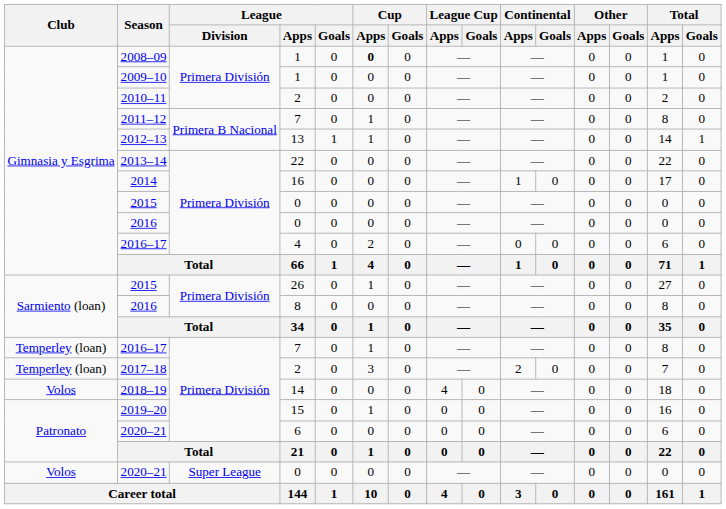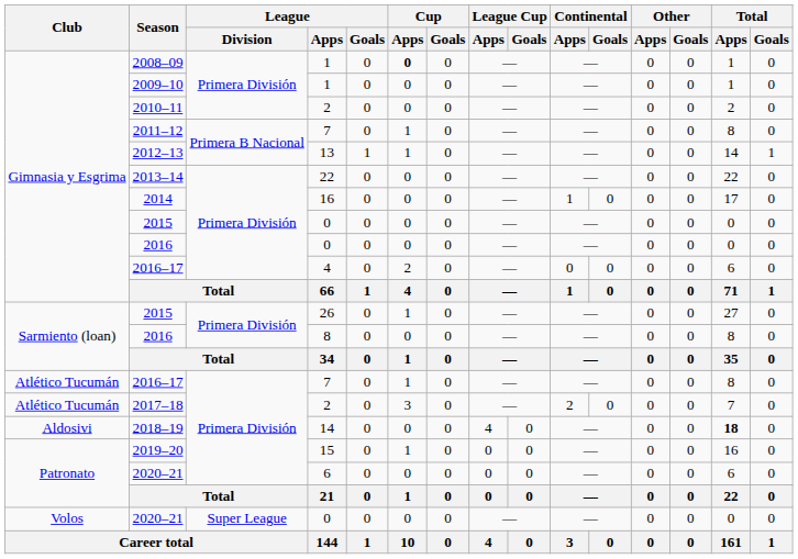 <table class="wikitable" style="text-align:center">
 <tr>
 <th rowspan="2">Club</th>
 <th rowspan="2">Season</th>
 <th colspan="3">League</th>
 <th colspan="2">Cup</th>
 <th colspan="2">League Cup</th>
 <th colspan="2">Continental</th>
 <th colspan="2">Other</th>
 <th colspan="2">Total</th>
 </tr>
 <tr>
 <th>Division</th>
 <th>Apps</th>
 <th>Goals</th>
 <th>Apps</th>
 <th>Goals</th>
 <th>Apps</th>
 <th>Goals</th>
 <th>Apps</th>
 <th>Goals</th>
 <th>Apps</th>
 <th>Goals</th>
 <th>Apps</th>
 <th>Goals</th>
 </tr>
 <tr>
 <td rowspan="11"><a href='#'>Gimnasia y Esgrima</a></td>
 <td><a href='#'>2008–09</a></td>
 <td rowspan="3"><a href='#'>Primera División</a></td>
 <td>1</td>
 <td>0</td>
 <td><strong>0</strong></td>
 <td>0</td>
 <td colspan="2">—</td>
 <td colspan="2">—</td>
 <td>0</td>
 <td>0</td>
 <td>1</td>
 <td>0</td>
 </tr>
 <tr>
 <td><a href='#'>2009–10</a></td>
 <td>1</td>
 <td>0</td>
 <td>0</td>
 <td>0</td>
 <td colspan="2">—</td>
 <td colspan="2">—</td>
 <td>0</td>
 <td>0</td>
 <td>1</td>
 <td>0</td>
 </tr>
 <tr>
 <td><a href='#'>2010–11</a></td>
 <td>2</td>
 <td>0</td>
 <td>0</td>
 <td>0</td>
 <td colspan="2">—</td>
 <td colspan="2">—</td>
 <td>0</td>
 <td>0</td>
 <td>2</td>
 <td>0</td>
 </tr>
 <tr>
 <td><a href='#'>2011–12</a></td>
 <td rowspan="2"><a href='#'>Primera B Nacional</a></td>
 <td>7</td>
 <td>0</td>
 <td>1</td>
 <td>0</td>
 <td colspan="2">—</td>
 <td colspan="2">—</td>
 <td>0</td>
 <td>0</td>
 <td>8</td>
 <td>0</td>
 </tr>
 <tr>
 <td><a href='#'>2012–13</a></td>
 <td>13</td>
 <td>1</td>
 <td>1</td>
 <td>0</td>
 <td colspan="2">—</td>
 <td colspan="2">—</td>
 <td>0</td>
 <td>0</td>
 <td>14</td>
 <td>1</td>
 </tr>
 <tr>
 <td><a href='#'>2013–14</a></td>
 <td rowspan="5"><a href='#'>Primera División</a></td>
 <td>22</td>
 <td>0</td>
 <td>0</td>
 <td>0</td>
 <td colspan="2">—</td>
 <td colspan="2">—</td>
 <td>0</td>
 <td>0</td>
 <td>22</td>
 <td>0</td>
 </tr>
 <tr>
 <td><a href='#'>2014</a></td>
 <td>16</td>
 <td>0</td>
 <td>0</td>
 <td>0</td>
 <td colspan="2">—</td>
 <td>1</td>
 <td>0</td>
 <td>0</td>
 <td>0</td>
 <td>17</td>
 <td>0</td>
 </tr>
 <tr>
 <td><a href='#'>2015</a></td>
 <td>0</td>
 <td>0</td>
 <td>0</td>
 <td>0</td>
 <td colspan="2">—</td>
 <td colspan="2">—</td>
 <td>0</td>
 <td>0</td>
 <td>0</td>
 <td>0</td>
 </tr>
 <tr>
 <td><a href='#'>2016</a></td>
 <td>0</td>
 <td>0</td>
 <td>0</td>
 <td>0</td>
 <td colspan="2">—</td>
 <td colspan="2">—</td>
 <td>0</td>
 <td>0</td>
 <td>0</td>
 <td>0</td>
 </tr>
 <tr>
 <td><a href='#'>2016–17</a></td>
 <td>4</td>
 <td>0</td>
 <td>2</td>
 <td>0</td>
 <td colspan="2">—</td>
 <td>0</td>
 <td>0</td>
 <td>0</td>
 <td>0</td>
 <td>6</td>
 <td>0</td>
 </tr>
 <tr>
 <th colspan="2">Total</th>
 <th>66</th>
 <th>1</th>
 <th>4</th>
 <th>0</th>
 <th colspan="2">—</th>
 <th>1</th>
 <th>0</th>
 <th>0</th>
 <th>0</th>
 <th>71</th>
 <th>1</th>
 </tr>
 <tr>
 <td rowspan="3"><a href='#'>Sarmiento</a> (loan)</td>
 <td><a href='#'>2015</a></td>
 <td rowspan="2"><a href='#'>Primera División</a></td>
 <td>26</td>
 <td>0</td>
 <td>1</td>
 <td>0</td>
 <td colspan="2">—</td>
 <td colspan="2">—</td>
 <td>0</td>
 <td>0</td>
 <td>27</td>
 <td>0</td>
 </tr>
 <tr>
 <td><a href='#'>2016</a></td>
 <td>8</td>
 <td>0</td>
 <td>0</td>
 <td>0</td>
 <td colspan="2">—</td>
 <td colspan="2">—</td>
 <td>0</td>
 <td>0</td>
 <td>8</td>
 <td>0</td>
 </tr>
 <tr>
 <th colspan="2">Total</th>
 <th>34</th>
 <th>0</th>
 <th>1</th>
 <th>0</th>
 <th colspan="2">—</th>
 <th colspan="2">—</th>
 <th>0</th>
 <th>0</th>
 <th>35</th>
 <th>0</th>
 </tr>
 <tr>
-<td rowspan="1"><a href='#'>Temperley</a> (loan)</td>
+<td rowspan="1"><a href='#'>Atlético Tucumán</a></td>
 <td><a href='#'>2016–17</a></td>
 <td rowspan="5"><a href='#'>Primera División</a></td>
 <td>7</td>
 <td>0</td>
 <td>1</td>
 <td>0</td>
 <td colspan="2">—</td>
 <td colspan="2">—</td>
 <td>0</td>
 <td>0</td>
 <td>8</td>
 <td>0</td>
 </tr>
 <tr>
-<td rowspan="1"><a href='#'>Temperley</a> (loan)</td>
+<td rowspan="1"><a href='#'>Atlético Tucumán</a></td>
 <td><a href='#'>2017–18</a></td>
 <td>2</td>
 <td>0</td>
 <td>3</td>
 <td>0</td>
 <td colspan="2">—</td>
 <td>2</td>
 <td>0</td>
 <td>0</td>
 <td>0</td>
 <td>7</td>
 <td>0</td>
 </tr>
 <tr>
-<td rowspan="1"><a href='#'>Volos</a></td>
+<td rowspan="1"><a href='#'>Aldosivi</a></td>
 <td><a href='#'>2018–19</a></td>
 <td>14</td>
 <td>0</td>
 <td>0</td>
 <td>0</td>
 <td>4</td>
 <td>0</td>
 <td colspan="2">—</td>
 <td>0</td>
 <td>0</td>
-<td>18</td>
+<td><strong>18</strong></td>
 <td>0</td>
 </tr>
 <tr>
 <td rowspan="3"><a href='#'>Patronato</a></td>
 <td><a href='#'>2019–20</a></td>
 <td>15</td>
 <td>0</td>
 <td>1</td>
 <td>0</td>
 <td>0</td>
 <td>0</td>
 <td colspan="2">—</td>
 <td>0</td>
 <td>0</td>
 <td>16</td>
 <td>0</td>
 </tr>
 <tr>
 <td><a href='#'>2020–21</a></td>
 <td>6</td>
 <td>0</td>
 <td>0</td>
 <td>0</td>
 <td>0</td>
 <td>0</td>
 <td colspan="2">—</td>
 <td>0</td>
 <td>0</td>
 <td>6</td>
 <td>0</td>
 </tr>
 <tr>
 <th colspan="2">Total</th>
 <th>21</th>
 <th>0</th>
 <th>1</th>
 <th>0</th>
 <th>0</th>
 <th>0</th>
 <th colspan="2">—</th>
 <th>0</th>
 <th>0</th>
 <th>22</th>
 <th>0</th>
 </tr>
 <tr>
 <td rowspan="1"><a href='#'>Volos</a></td>
 <td><a href='#'>2020–21</a></td>
 <td rowspan="1"><a href='#'>Super League</a></td>
 <td>0</td>
 <td>0</td>
 <td>0</td>
 <td>0</td>
 <td colspan="2">—</td>
 <td colspan="2">—</td>
 <td>0</td>
 <td>0</td>
 <td>0</td>
 <td>0</td>
 </tr>
 <tr>
 <th colspan="3">Career total</th>
 <th>144</th>
 <th>1</th>
 <th>10</th>
 <th>0</th>
 <th>4</th>
 <th>0</th>
 <th>3</th>
 <th>0</th>
 <th>0</th>
 <th>0</th>
 <th>161</th>
 <th>1</th>
 </tr>
 </table>
